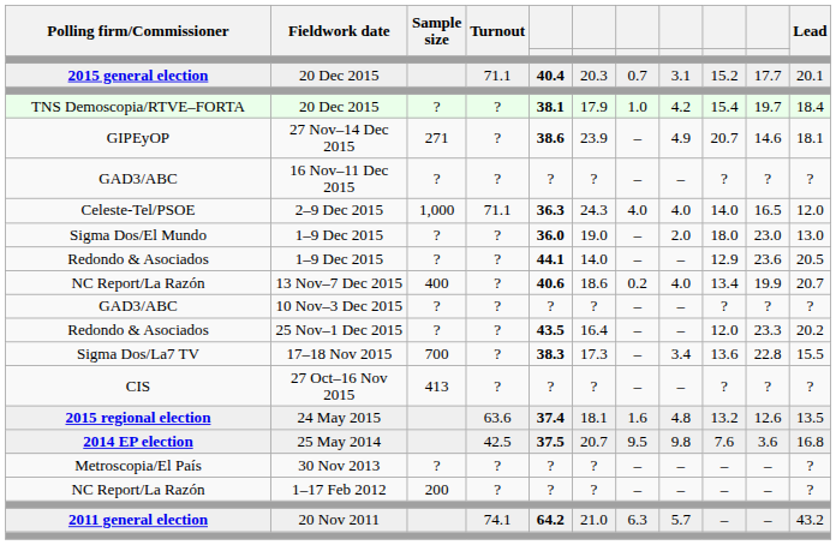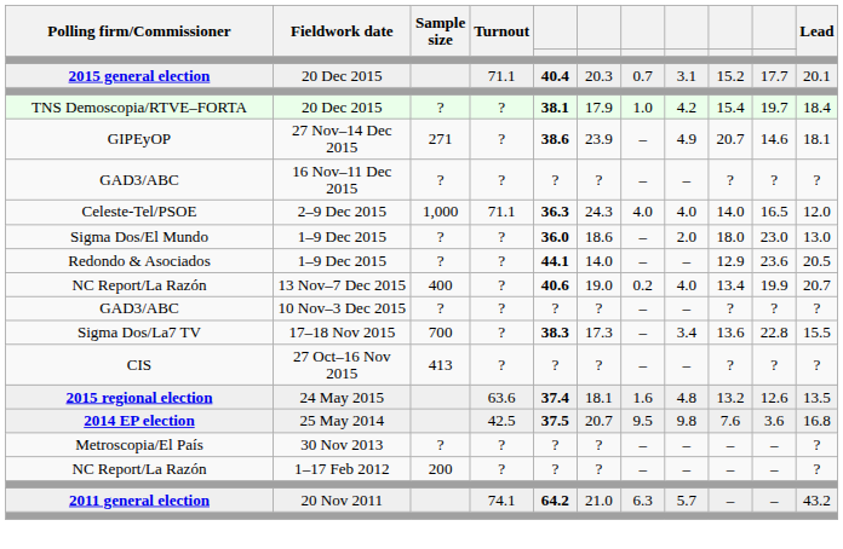 <table class="wikitable collapsible collapsed" style="text-align:center; font-size:95%; line-height:16px;">
 <tr style="height:42px; background-color:#E9E9E9">
 <th style="width:250px;" rowspan="2">Polling firm/Commissioner</th>
 <th style="width:125px;" rowspan="2">Fieldwork date</th>
 <th style="width:50px;" rowspan="2">Sample size</th>
 <th style="width:45px;" rowspan="2">Turnout</th>
 <th style="width:35px;"></th>
 <th style="width:35px;"></th>
 <th style="width:35px;"></th>
 <th style="width:35px;"></th>
 <th style="width:35px;"></th>
 <th style="width:35px;"></th>
 <th style="width:30px;" rowspan="2">Lead</th>
 </tr>
 <tr>
 <th style="color:inherit;background:"></th>
 <th style="color:inherit;background:"></th>
 <th style="color:inherit;background:"></th>
 <th style="color:inherit;background:"></th>
 <th style="color:inherit;background:"></th>
 <th style="color:inherit;background:"></th>
 </tr>
 <tr>
 <td colspan="11" style="background:#A0A0A0"></td>
 </tr>
 <tr style="background:#EFEFEF;">
 <td><strong><a href='#'>2015 general election</a></strong></td>
 <td>20 Dec 2015</td>
 <td></td>
 <td>71.1</td>
 <td><strong>40.4</strong><br></td>
 <td>20.3<br></td>
 <td>0.7<br></td>
 <td>3.1<br></td>
 <td>15.2<br></td>
 <td>17.7<br></td>
 <td style="background:">20.1</td>
 </tr>
 <tr>
 <td colspan="11" style="background:#A0A0A0"></td>
 </tr>
 <tr style="background:#EAFFEA;">
 <td>TNS Demoscopia/RTVE–FORTA</td>
 <td>20 Dec 2015</td>
 <td>?</td>
 <td>?</td>
 <td><strong>38.1</strong><br></td>
 <td>17.9<br></td>
 <td>1.0<br></td>
 <td>4.2<br></td>
 <td>15.4<br></td>
 <td>19.7<br></td>
 <td style="background:">18.4</td>
 </tr>
 <tr>
 <td>GIPEyOP</td>
 <td>27 Nov–14 Dec 2015</td>
 <td>271</td>
 <td>?</td>
 <td><strong>38.6</strong><br></td>
 <td>23.9<br></td>
 <td>–</td>
 <td>4.9<br></td>
 <td>20.7<br></td>
 <td>14.6<br></td>
 <td style="background:">18.1</td>
 </tr>
 <tr>
 <td>GAD3/ABC</td>
 <td>16 Nov–11 Dec 2015</td>
 <td>?</td>
 <td>?</td>
 <td>?<br></td>
 <td>?<br></td>
 <td>–</td>
 <td>–</td>
 <td>?<br></td>
 <td>?<br></td>
 <td style="background:">?</td>
 </tr>
 <tr>
 <td>Celeste-Tel/PSOE</td>
 <td>2–9 Dec 2015</td>
 <td>1,000</td>
 <td>71.1</td>
 <td><strong>36.3</strong><br></td>
 <td>24.3<br></td>
 <td>4.0<br></td>
 <td>4.0<br></td>
 <td>14.0<br></td>
 <td>16.5<br></td>
 <td style="background:">12.0</td>
 </tr>
 <tr>
 <td>Sigma Dos/El Mundo</td>
 <td>1–9 Dec 2015</td>
 <td>?</td>
 <td>?</td>
 <td><strong>36.0</strong><br></td>
-<td>19.0<br></td>
+<td>18.6<br></td>
 <td>–</td>
 <td>2.0<br></td>
 <td>18.0<br></td>
 <td>23.0<br></td>
 <td style="background:">13.0</td>
 </tr>
 <tr>
 <td>Redondo & Asociados</td>
 <td>1–9 Dec 2015</td>
 <td>?</td>
 <td>?</td>
 <td><strong>44.1</strong><br></td>
 <td>14.0<br></td>
 <td>–</td>
 <td>–</td>
 <td>12.9<br></td>
 <td>23.6<br></td>
 <td style="background:">20.5</td>
 </tr>
 <tr>
 <td>NC Report/La Razón</td>
 <td>13 Nov–7 Dec 2015</td>
 <td>400</td>
 <td>?</td>
 <td><strong>40.6</strong><br></td>
-<td>18.6<br></td>
+<td>19.0<br></td>
 <td>0.2<br></td>
 <td>4.0<br></td>
 <td>13.4<br></td>
 <td>19.9<br></td>
 <td style="background:">20.7</td>
 </tr>
 <tr>
 <td>GAD3/ABC</td>
 <td>10 Nov–3 Dec 2015</td>
 <td>?</td>
 <td>?</td>
 <td>?<br></td>
 <td>?<br></td>
 <td>–</td>
 <td>–</td>
 <td>?<br></td>
 <td>?<br></td>
 <td style="background:">?</td>
-</tr>
-<tr>
-<td>Redondo & Asociados</td>
-<td>25 Nov–1 Dec 2015</td>
-<td>?</td>
-<td>?</td>
-<td><strong>43.5</strong><br></td>
-<td>16.4<br></td>
-<td>–</td>
-<td>–</td>
-<td>12.0<br></td>
-<td>23.3<br></td>
-<td style="background:">20.2</td>
 </tr>
 <tr>
 <td>Sigma Dos/La7 TV</td>
 <td>17–18 Nov 2015</td>
 <td>700</td>
 <td>?</td>
 <td><strong>38.3</strong><br></td>
 <td>17.3<br></td>
 <td>–</td>
 <td>3.4<br></td>
 <td>13.6<br></td>
 <td>22.8<br></td>
 <td style="background:">15.5</td>
 </tr>
 <tr>
 <td>CIS</td>
 <td>27 Oct–16 Nov 2015</td>
 <td>413</td>
 <td>?</td>
 <td>?<br></td>
 <td>?<br></td>
 <td>–</td>
 <td>–</td>
 <td>?<br></td>
 <td>?<br></td>
 <td style="background:">?</td>
 </tr>
 <tr style="background:#EFEFEF;">
 <td><strong><a href='#'>2015 regional election</a></strong></td>
 <td>24 May 2015</td>
 <td></td>
 <td>63.6</td>
 <td><strong>37.4</strong><br></td>
 <td>18.1<br></td>
 <td>1.6<br></td>
 <td>4.8<br></td>
 <td>13.2<br></td>
 <td>12.6<br></td>
 <td style="background:">13.5</td>
 </tr>
 <tr style="background:#EFEFEF;">
 <td><strong><a href='#'>2014 EP election</a></strong></td>
 <td>25 May 2014</td>
 <td></td>
 <td>42.5</td>
 <td><strong>37.5</strong><br></td>
 <td>20.7<br></td>
 <td>9.5<br></td>
 <td>9.8<br></td>
 <td>7.6<br></td>
 <td>3.6<br></td>
 <td style="background:">16.8</td>
 </tr>
 <tr>
 <td>Metroscopia/El País</td>
 <td>30 Nov 2013</td>
 <td>?</td>
 <td>?</td>
 <td>?<br></td>
 <td>?<br></td>
 <td>–</td>
 <td>–</td>
 <td>–</td>
 <td>–</td>
 <td style="background:">?</td>
 </tr>
 <tr>
 <td>NC Report/La Razón</td>
 <td>1–17 Feb 2012</td>
 <td>200</td>
 <td>?</td>
 <td>?<br></td>
 <td>?<br></td>
 <td>–</td>
 <td>–</td>
 <td>–</td>
 <td>–</td>
 <td style="background:">?</td>
 </tr>
 <tr>
 <td colspan="11" style="background:#A0A0A0"></td>
 </tr>
 <tr style="background:#EFEFEF;">
 <td><strong><a href='#'>2011 general election</a></strong></td>
 <td>20 Nov 2011</td>
 <td></td>
 <td>74.1</td>
 <td><strong>64.2</strong><br></td>
 <td>21.0<br></td>
 <td>6.3<br></td>
 <td>5.7<br></td>
 <td>–</td>
 <td>–</td>
 <td style="background:">43.2</td>
 </tr>
 <tr>
 <td colspan="11" style="background:#A0A0A0"></td>
 </tr>
 </table>
